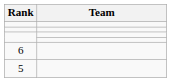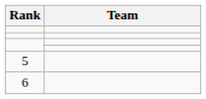 <table class="wikitable" style="text-align:center;">
 <tr>
 <th width=40>Rank</th>
 <th width=180>Team</th>
 </tr>
 <tr>
 <td></td>
 <td align=left></td>
 </tr>
 <tr>
 <td></td>
 <td align=left></td>
 </tr>
 <tr>
 <td rowspan=2></td>
 <td align=left></td>
 </tr>
 <tr>
 <td align=left></td>
 </tr>
 <tr>
+<td>5</td>
+<td align=left></td>
+</tr>
+<tr>
 <td>6</td>
 <td align=left></td>
 </tr>
-<tr>
-<td>5</td>
-<td align=left></td>
-</tr>
 </table>
